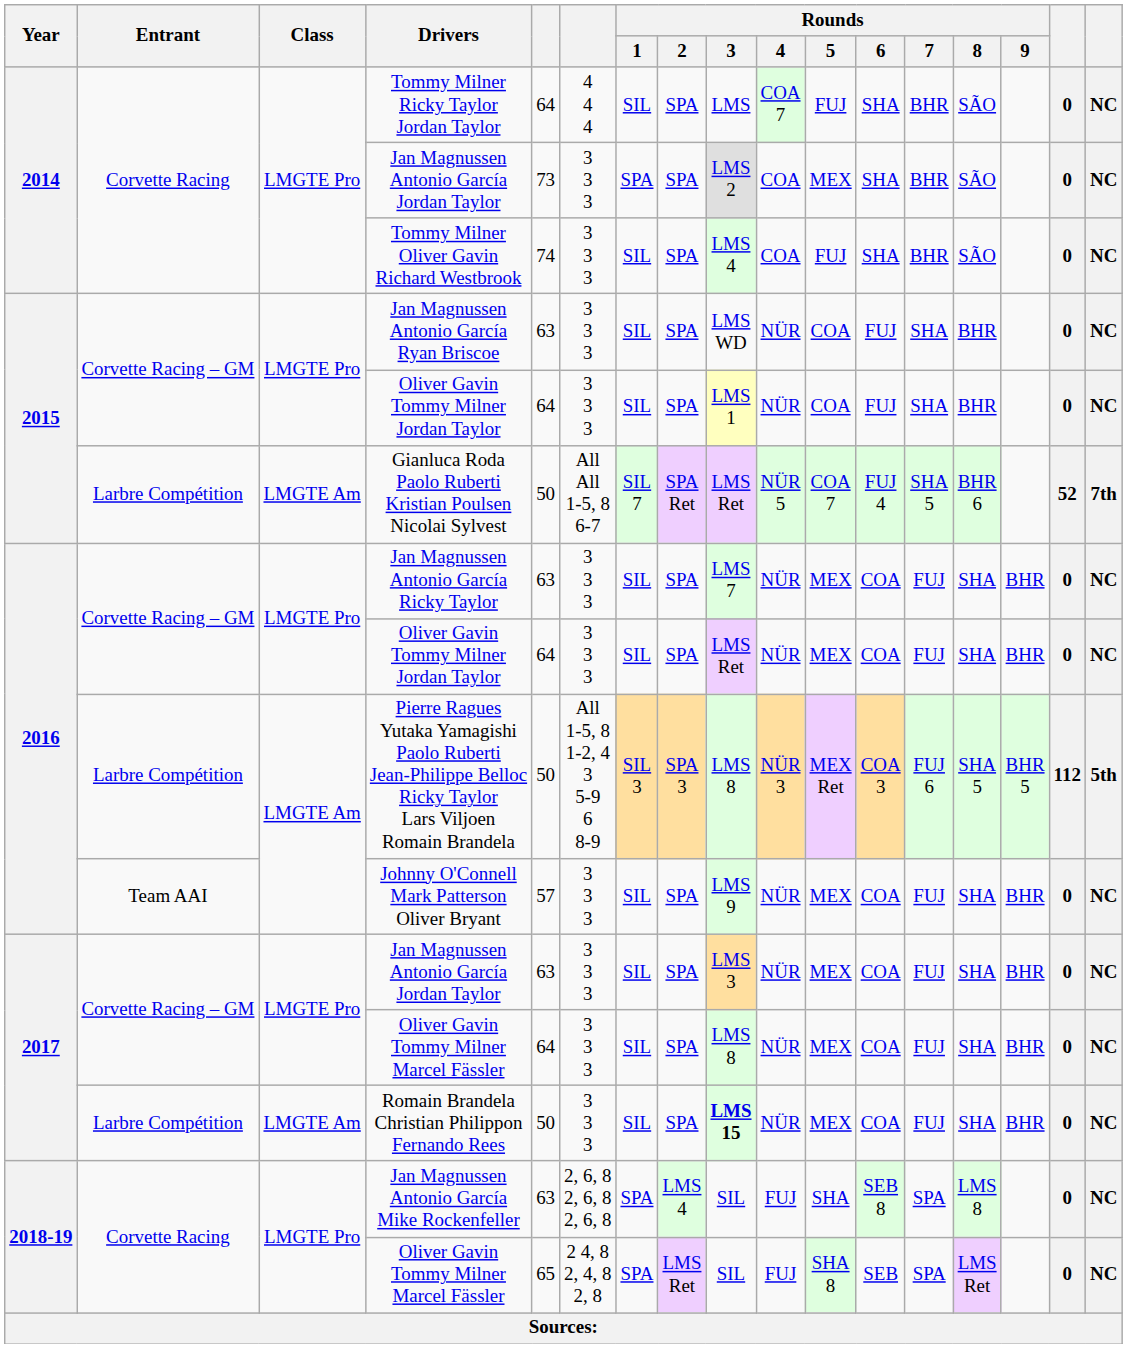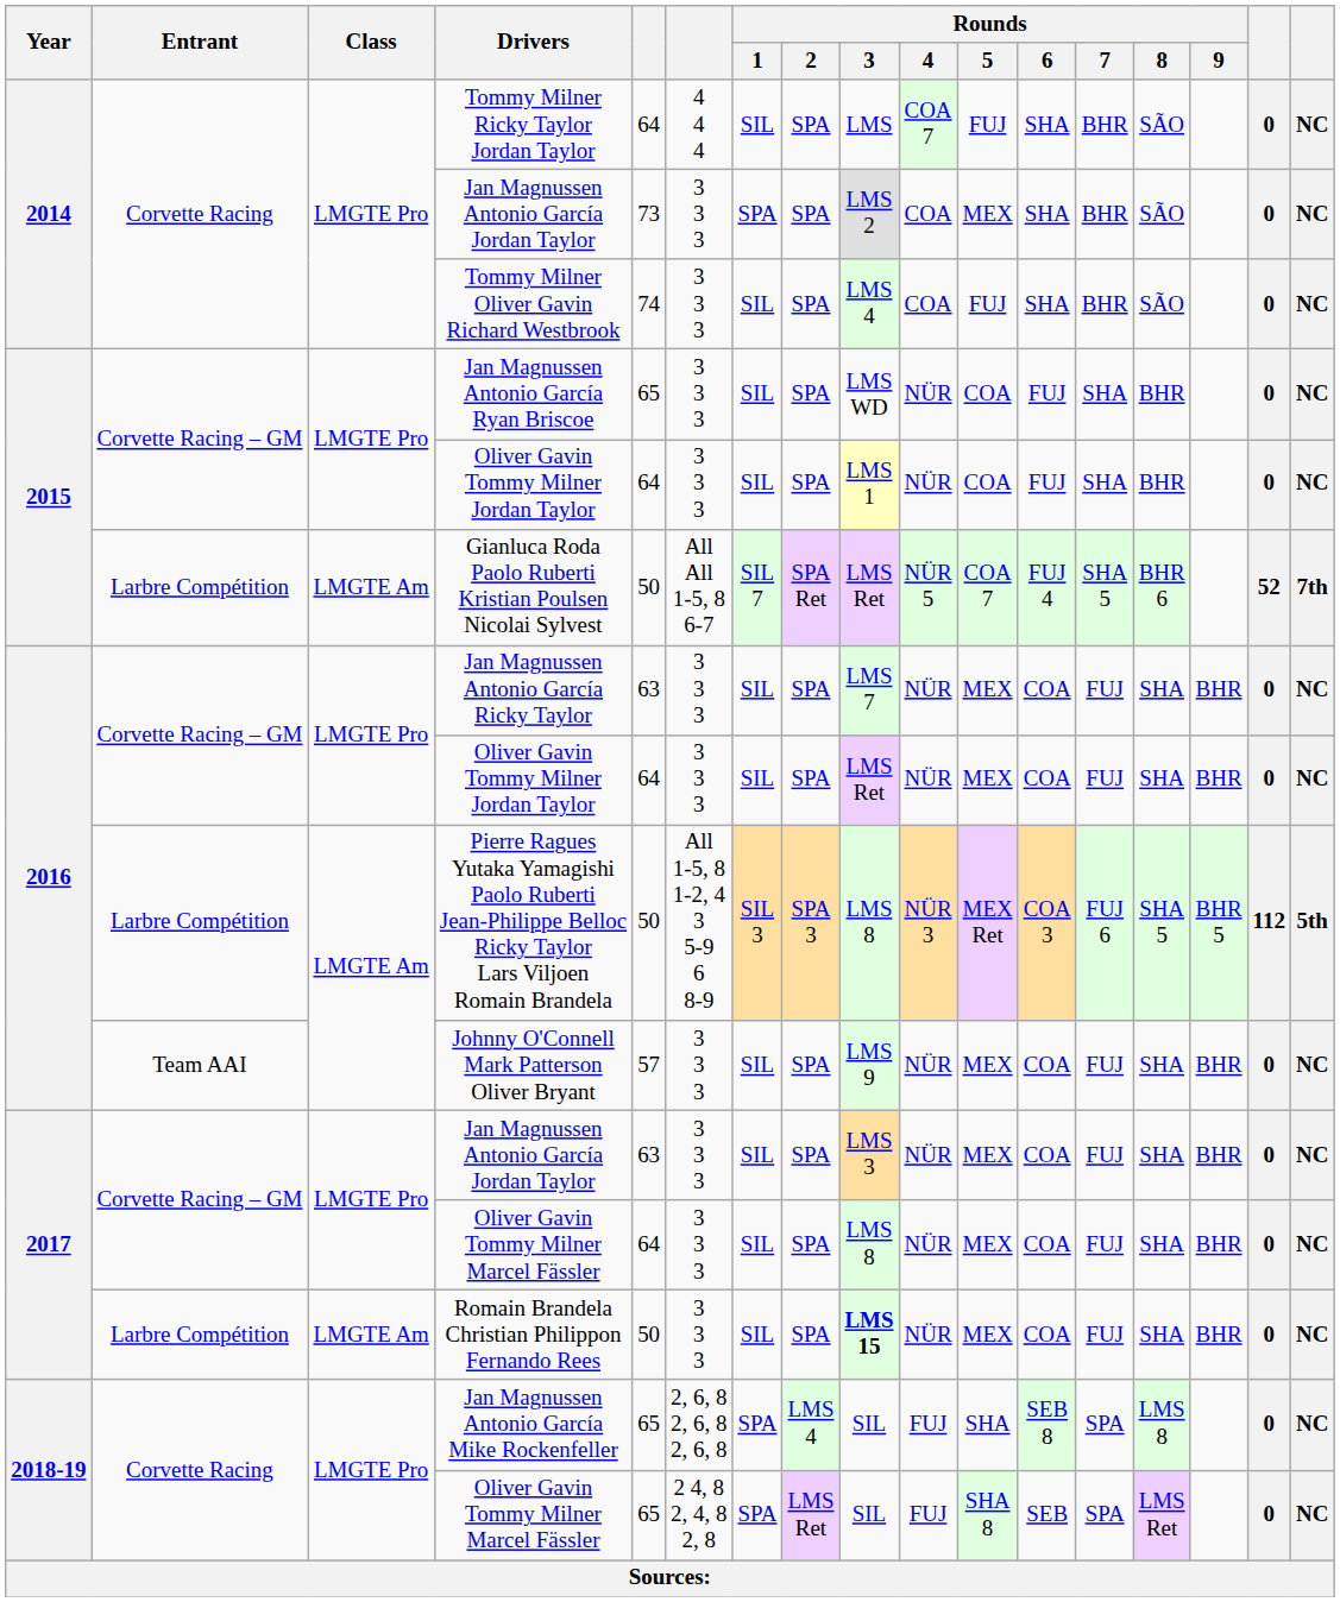 <table class="wikitable" style="text-align:center; font-size:80%">
 <tr>
 <th rowspan="2">Year</th>
 <th rowspan="2">Entrant</th>
 <th rowspan="2">Class</th>
 <th rowspan="2">Drivers</th>
 <th rowspan="2"></th>
 <th rowspan="2"></th>
 <th colspan="9">Rounds</th>
 <th rowspan="2" scope="col"></th>
 <th rowspan="2" scope="col"></th>
 </tr>
 <tr>
 <th scope="col">1</th>
 <th scope="col">2</th>
 <th scope="col">3</th>
 <th scope="col">4</th>
 <th scope="col">5</th>
 <th scope="col">6</th>
 <th scope="col">7</th>
 <th scope="col">8</th>
 <th scope="col">9</th>
 </tr>
 <tr>
 <th rowspan="3"><a href='#'>2014</a></th>
 <td rowspan="3"> <a href='#'>Corvette Racing</a></td>
 <td rowspan="3"><a href='#'>LMGTE Pro</a></td>
 <td> <a href='#'>Tommy Milner</a><br> <a href='#'>Ricky Taylor</a><br> <a href='#'>Jordan Taylor</a></td>
 <td>64</td>
 <td>4<br>4<br>4</td>
 <td><a href='#'>SIL</a></td>
 <td><a href='#'>SPA</a></td>
 <td><a href='#'>LMS</a></td>
 <td style="background:#DFFFDF;"><a href='#'>COA</a><br>7</td>
 <td><a href='#'>FUJ</a></td>
 <td><a href='#'>SHA</a></td>
 <td><a href='#'>BHR</a></td>
 <td><a href='#'>SÃO</a></td>
 <td></td>
 <th>0</th>
 <th>NC</th>
 </tr>
 <tr>
 <td> <a href='#'>Jan Magnussen</a><br> <a href='#'>Antonio García</a><br> <a href='#'>Jordan Taylor</a></td>
 <td>73</td>
 <td>3<br>3<br>3</td>
 <td><a href='#'>SPA</a></td>
 <td><a href='#'>SPA</a></td>
 <td style="background:#DFDFDF;”"><a href='#'>LMS</a><br>2</td>
 <td><a href='#'>COA</a></td>
 <td><a href='#'>MEX</a></td>
 <td><a href='#'>SHA</a></td>
 <td><a href='#'>BHR</a></td>
 <td><a href='#'>SÃO</a></td>
 <td></td>
 <th>0</th>
 <th>NC</th>
 </tr>
 <tr>
 <td> <a href='#'>Tommy Milner</a><br> <a href='#'>Oliver Gavin</a><br> <a href='#'>Richard Westbrook</a></td>
 <td>74</td>
 <td>3<br>3<br>3</td>
 <td><a href='#'>SIL</a></td>
 <td><a href='#'>SPA</a></td>
 <td style="background:#DFFFDF;"><a href='#'>LMS</a><br>4</td>
 <td><a href='#'>COA</a></td>
 <td><a href='#'>FUJ</a></td>
 <td><a href='#'>SHA</a></td>
 <td><a href='#'>BHR</a></td>
 <td><a href='#'>SÃO</a></td>
 <td></td>
 <th>0</th>
 <th>NC</th>
 </tr>
 <tr>
 <th rowspan="3"><a href='#'>2015</a></th>
 <td rowspan="2"> <a href='#'>Corvette Racing – GM</a></td>
 <td rowspan="2"><a href='#'>LMGTE Pro</a></td>
 <td> <a href='#'>Jan Magnussen</a><br> <a href='#'>Antonio García</a><br> <a href='#'>Ryan Briscoe</a></td>
-<td>63</td>
+<td>65</td>
 <td>3<br>3<br>3</td>
 <td><a href='#'>SIL</a></td>
 <td><a href='#'>SPA</a></td>
 <td><a href='#'>LMS</a><br>WD</td>
 <td><a href='#'>NÜR</a></td>
 <td><a href='#'>COA</a></td>
 <td><a href='#'>FUJ</a></td>
 <td><a href='#'>SHA</a></td>
 <td><a href='#'>BHR</a></td>
 <td></td>
 <th>0</th>
 <th>NC</th>
 </tr>
 <tr>
 <td> <a href='#'>Oliver Gavin</a><br> <a href='#'>Tommy Milner</a><br> <a href='#'>Jordan Taylor</a></td>
 <td>64</td>
 <td>3<br>3<br>3</td>
 <td><a href='#'>SIL</a></td>
 <td><a href='#'>SPA</a></td>
 <td style="background:#FFFFBF;”"><a href='#'>LMS</a><br>1</td>
 <td><a href='#'>NÜR</a></td>
 <td><a href='#'>COA</a></td>
 <td><a href='#'>FUJ</a></td>
 <td><a href='#'>SHA</a></td>
 <td><a href='#'>BHR</a></td>
 <td></td>
 <th>0</th>
 <th>NC</th>
 </tr>
 <tr>
 <td> <a href='#'>Larbre Compétition</a></td>
 <td><a href='#'>LMGTE Am</a></td>
 <td> Gianluca Roda<br> <a href='#'>Paolo Ruberti</a><br> <a href='#'>Kristian Poulsen</a><br> Nicolai Sylvest</td>
 <td>50</td>
 <td>All<br>All<br>1-5, 8<br>6-7</td>
 <td style="background:#DFFFDF;"><a href='#'>SIL</a><br>7</td>
 <td style="background:#EFCFFF;"><a href='#'>SPA</a><br>Ret</td>
 <td style="background:#EFCFFF;"><a href='#'>LMS</a><br>Ret</td>
 <td style="background:#DFFFDF;"><a href='#'>NÜR</a><br>5</td>
 <td style="background:#DFFFDF;"><a href='#'>COA</a><br>7</td>
 <td style="background:#DFFFDF;"><a href='#'>FUJ</a><br>4</td>
 <td style="background:#DFFFDF;"><a href='#'>SHA</a><br>5</td>
 <td style="background:#DFFFDF;"><a href='#'>BHR</a><br>6</td>
 <td></td>
 <th>52</th>
 <th>7th</th>
 </tr>
 <tr>
 <th rowspan="4"><a href='#'>2016</a></th>
 <td rowspan="2"> <a href='#'>Corvette Racing – GM</a></td>
 <td rowspan="2"><a href='#'>LMGTE Pro</a></td>
 <td> <a href='#'>Jan Magnussen</a><br> <a href='#'>Antonio García</a><br> <a href='#'>Ricky Taylor</a></td>
 <td>63</td>
 <td>3<br>3<br>3</td>
 <td><a href='#'>SIL</a></td>
 <td><a href='#'>SPA</a></td>
 <td style="background:#DFFFDF;"><a href='#'>LMS</a><br>7</td>
 <td><a href='#'>NÜR</a></td>
 <td><a href='#'>MEX</a></td>
 <td><a href='#'>COA</a></td>
 <td><a href='#'>FUJ</a></td>
 <td><a href='#'>SHA</a></td>
 <td><a href='#'>BHR</a></td>
 <th>0</th>
 <th>NC</th>
 </tr>
 <tr>
 <td> <a href='#'>Oliver Gavin</a><br> <a href='#'>Tommy Milner</a><br> <a href='#'>Jordan Taylor</a></td>
 <td>64</td>
 <td>3<br>3<br>3</td>
 <td><a href='#'>SIL</a></td>
 <td><a href='#'>SPA</a></td>
 <td style="background:#EFCFFF;"><a href='#'>LMS</a><br>Ret</td>
 <td><a href='#'>NÜR</a></td>
 <td><a href='#'>MEX</a></td>
 <td><a href='#'>COA</a></td>
 <td><a href='#'>FUJ</a></td>
 <td><a href='#'>SHA</a></td>
 <td><a href='#'>BHR</a></td>
 <th>0</th>
 <th>NC</th>
 </tr>
 <tr>
 <td> <a href='#'>Larbre Compétition</a></td>
 <td rowspan="2"><a href='#'>LMGTE Am</a></td>
 <td> <a href='#'>Pierre Ragues</a><br> Yutaka Yamagishi<br> <a href='#'>Paolo Ruberti</a><br> <a href='#'>Jean-Philippe Belloc</a><br> <a href='#'>Ricky Taylor</a><br> Lars Viljoen<br> Romain Brandela</td>
 <td>50</td>
 <td>All<br>1-5, 8<br>1-2, 4<br>3<br>5-9<br>6<br>8-9</td>
 <td style="background:#FFDF9F;”"><a href='#'>SIL</a><br>3</td>
 <td style="background:#FFDF9F;”"><a href='#'>SPA</a><br>3</td>
 <td style="background:#DFFFDF;"><a href='#'>LMS</a><br>8</td>
 <td style="background:#FFDF9F;”"><a href='#'>NÜR</a><br>3</td>
 <td style="background:#EFCFFF;"><a href='#'>MEX</a><br>Ret</td>
 <td style="background:#FFDF9F;”"><a href='#'>COA</a><br>3</td>
 <td style="background:#DFFFDF;"><a href='#'>FUJ</a><br>6</td>
 <td style="background:#DFFFDF;"><a href='#'>SHA</a><br>5</td>
 <td style="background:#DFFFDF;"><a href='#'>BHR</a><br>5</td>
 <th>112</th>
 <th>5th</th>
 </tr>
 <tr>
 <td> Team AAI</td>
 <td> <a href='#'>Johnny O'Connell</a><br> <a href='#'>Mark Patterson</a><br> Oliver Bryant</td>
 <td>57</td>
 <td>3<br>3<br>3</td>
 <td><a href='#'>SIL</a></td>
 <td><a href='#'>SPA</a></td>
 <td style="background:#DFFFDF;"><a href='#'>LMS</a><br>9</td>
 <td><a href='#'>NÜR</a></td>
 <td><a href='#'>MEX</a></td>
 <td><a href='#'>COA</a></td>
 <td><a href='#'>FUJ</a></td>
 <td><a href='#'>SHA</a></td>
 <td><a href='#'>BHR</a></td>
 <th>0</th>
 <th>NC</th>
 </tr>
 <tr>
 <th rowspan="3"><a href='#'>2017</a></th>
 <td rowspan="2"> <a href='#'>Corvette Racing – GM</a></td>
 <td rowspan="2"><a href='#'>LMGTE Pro</a></td>
 <td> <a href='#'>Jan Magnussen</a><br> <a href='#'>Antonio García</a><br> <a href='#'>Jordan Taylor</a></td>
 <td>63</td>
 <td>3<br>3<br>3</td>
 <td><a href='#'>SIL</a></td>
 <td><a href='#'>SPA</a></td>
 <td style="background:#FFDF9F;”"><a href='#'>LMS</a><br>3</td>
 <td><a href='#'>NÜR</a></td>
 <td><a href='#'>MEX</a></td>
 <td><a href='#'>COA</a></td>
 <td><a href='#'>FUJ</a></td>
 <td><a href='#'>SHA</a></td>
 <td><a href='#'>BHR</a></td>
 <th>0</th>
 <th>NC</th>
 </tr>
 <tr>
 <td> <a href='#'>Oliver Gavin</a><br> <a href='#'>Tommy Milner</a><br> <a href='#'>Marcel Fässler</a></td>
 <td>64</td>
 <td>3<br>3<br>3</td>
 <td><a href='#'>SIL</a></td>
 <td><a href='#'>SPA</a></td>
 <td style="background:#DFFFDF;"><a href='#'>LMS</a><br>8</td>
 <td><a href='#'>NÜR</a></td>
 <td><a href='#'>MEX</a></td>
 <td><a href='#'>COA</a></td>
 <td><a href='#'>FUJ</a></td>
 <td><a href='#'>SHA</a></td>
 <td><a href='#'>BHR</a></td>
 <th>0</th>
 <th>NC</th>
 </tr>
 <tr>
 <td> <a href='#'>Larbre Compétition</a></td>
 <td><a href='#'>LMGTE Am</a></td>
 <td> Romain Brandela<br> Christian Philippon<br> <a href='#'>Fernando Rees</a></td>
 <td>50</td>
 <td>3<br>3<br>3</td>
 <td><a href='#'>SIL</a></td>
 <td><a href='#'>SPA</a></td>
 <td style="background:#DFFFDF;"><a href='#'><strong>LMS</strong></a><strong><br>15</strong></td>
 <td><a href='#'>NÜR</a></td>
 <td><a href='#'>MEX</a></td>
 <td><a href='#'>COA</a></td>
 <td><a href='#'>FUJ</a></td>
 <td><a href='#'>SHA</a></td>
 <td><a href='#'>BHR</a></td>
 <th>0</th>
 <th>NC</th>
 </tr>
 <tr>
 <th rowspan="2"><a href='#'>2018-19</a></th>
 <td rowspan="2"> <a href='#'>Corvette Racing</a></td>
 <td rowspan="2"><a href='#'>LMGTE Pro</a></td>
 <td> <a href='#'>Jan Magnussen</a><br> <a href='#'>Antonio García</a><br> <a href='#'>Mike Rockenfeller</a></td>
-<td>63</td>
+<td>65</td>
 <td>2, 6, 8<br>2, 6, 8<br>2, 6, 8</td>
 <td><a href='#'>SPA</a></td>
 <td style="background:#DFFFDF;"><a href='#'>LMS</a><br>4</td>
 <td><a href='#'>SIL</a></td>
 <td><a href='#'>FUJ</a></td>
 <td><a href='#'>SHA</a></td>
 <td style="background:#DFFFDF;"><a href='#'>SEB</a><br>8</td>
 <td><a href='#'>SPA</a></td>
 <td style="background:#DFFFDF;"><a href='#'>LMS</a><br>8</td>
 <td></td>
 <th>0</th>
 <th>NC</th>
 </tr>
 <tr>
 <td> <a href='#'>Oliver Gavin</a><br> <a href='#'>Tommy Milner</a><br> <a href='#'>Marcel Fässler</a></td>
 <td>65</td>
 <td>2 4, 8<br>2, 4, 8<br>2, 8</td>
 <td><a href='#'>SPA</a></td>
 <td style="background:#EFCFFF;"><a href='#'>LMS</a><br>Ret</td>
 <td><a href='#'>SIL</a></td>
 <td><a href='#'>FUJ</a></td>
 <td style="background:#DFFFDF;"><a href='#'>SHA</a><br>8</td>
 <td><a href='#'>SEB</a></td>
 <td><a href='#'>SPA</a></td>
 <td style="background:#EFCFFF;"><a href='#'>LMS</a><br>Ret</td>
 <td></td>
 <th>0</th>
 <th>NC</th>
 </tr>
 <tr>
 <th colspan="17">Sources:</th>
 </tr>
 </table>
